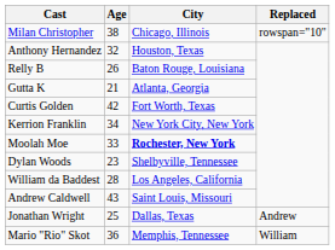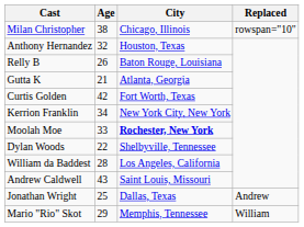 <table class="wikitable">
 <tr>
 <th>Cast</th>
 <th>Age</th>
 <th>City</th>
 <th>Replaced</th>
 </tr>
 <tr>
 <td><a href='#'>Milan Christopher</a></td>
 <td>38</td>
 <td><a href='#'>Chicago, Illinois</a></td>
 <td>rowspan="10" </td>
 </tr>
 <tr>
 <td>Anthony Hernandez</td>
 <td>32</td>
 <td><a href='#'>Houston, Texas</a></td>
 </tr>
 <tr>
 <td>Relly B</td>
 <td>26</td>
 <td><a href='#'>Baton Rouge, Louisiana</a></td>
 </tr>
 <tr>
 <td>Gutta K</td>
 <td>21</td>
 <td><a href='#'>Atlanta, Georgia</a></td>
 </tr>
 <tr>
 <td>Curtis Golden</td>
 <td>42</td>
 <td><a href='#'>Fort Worth, Texas</a></td>
 </tr>
 <tr>
 <td>Kerrion Franklin</td>
 <td>34</td>
 <td><a href='#'>New York City, New York</a></td>
 </tr>
 <tr>
 <td>Moolah Moe</td>
 <td>33</td>
 <td><strong><a href='#'>Rochester, New York</a></strong></td>
 </tr>
 <tr>
 <td>Dylan Woods</td>
-<td>23</td>
+<td>22</td>
 <td><a href='#'>Shelbyville, Tennessee</a></td>
 </tr>
 <tr>
 <td>William da Baddest</td>
 <td>28</td>
 <td><a href='#'>Los Angeles, California</a></td>
 </tr>
 <tr>
 <td>Andrew Caldwell</td>
 <td>43</td>
 <td><a href='#'>Saint Louis, Missouri</a></td>
 </tr>
 <tr>
 <td>Jonathan Wright</td>
 <td>25</td>
 <td><a href='#'>Dallas, Texas</a></td>
 <td>Andrew</td>
 </tr>
 <tr>
 <td>Mario "Rio" Skot</td>
-<td>36</td>
+<td>29</td>
 <td><a href='#'>Memphis, Tennessee</a></td>
 <td>William</td>
 </tr>
 </table>
